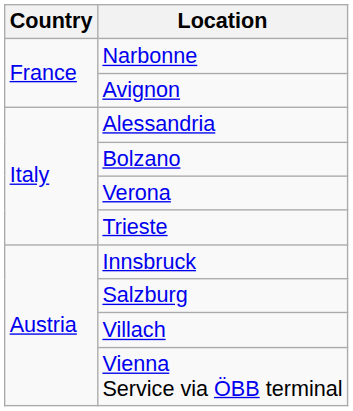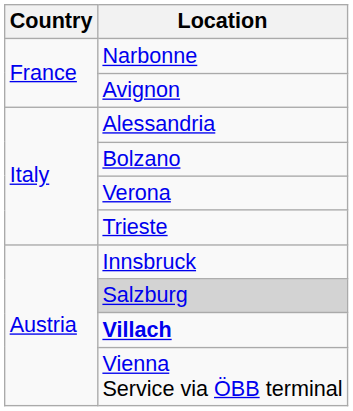 <table class="wikitable">
 <tr>
 <th>Country</th>
 <th>Location</th>
 </tr>
 <tr>
 <td rowspan=2><a href='#'>France</a></td>
 <td><a href='#'>Narbonne</a></td>
 </tr>
 <tr>
 <td><a href='#'>Avignon</a></td>
 </tr>
 <tr>
 <td rowspan=4><a href='#'>Italy</a></td>
 <td><a href='#'>Alessandria</a></td>
 </tr>
 <tr>
 <td><a href='#'>Bolzano</a></td>
 </tr>
 <tr>
 <td><a href='#'>Verona</a></td>
 </tr>
 <tr>
 <td><a href='#'>Trieste</a></td>
 </tr>
 <tr>
 <td rowspan=4><a href='#'>Austria</a></td>
 <td><a href='#'>Innsbruck</a></td>
 </tr>
 <tr>
-<td><a href='#'>Salzburg</a></td>
+<td style="background: lightgrey;"><a href='#'>Salzburg</a></td>
 </tr>
 <tr>
-<td><a href='#'>Villach</a></td>
+<td><strong><a href='#'>Villach</a></strong></td>
 </tr>
 <tr>
 <td><a href='#'>Vienna</a><br>Service via <a href='#'>ÖBB</a> terminal</td>
 </tr>
 </table>
